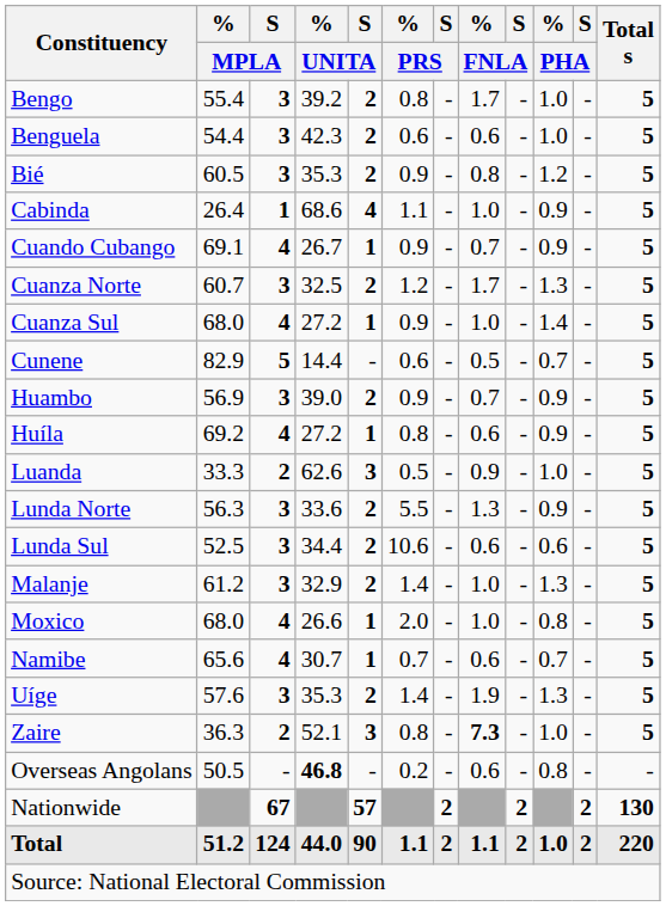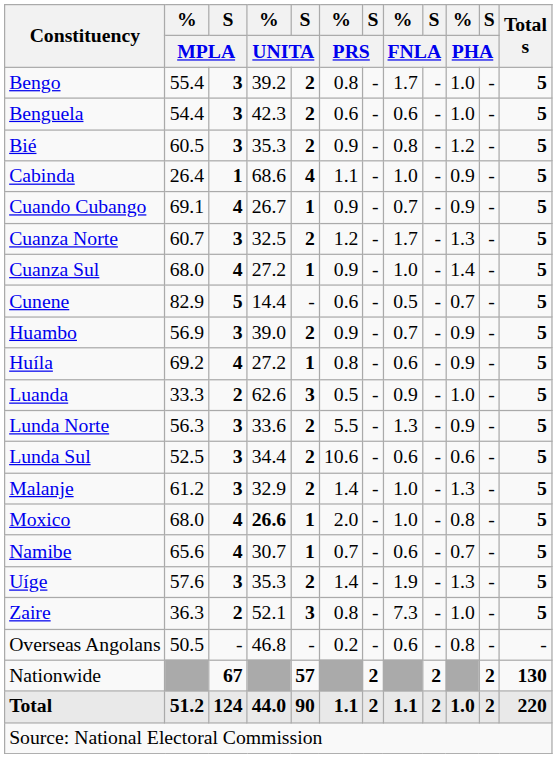 <table class=wikitable style=text-align:right>
 <tr>
 <th rowspan=2>Constituency</th>
 <th>%</th>
 <th>S</th>
 <th>%</th>
 <th>S</th>
 <th>%</th>
 <th>S</th>
 <th>%</th>
 <th>S</th>
 <th>%</th>
 <th>S</th>
 <th rowspan=2>Total<br>s</th>
 </tr>
 <tr>
 <th colspan=2><a href='#'>MPLA</a></th>
 <th colspan=2><a href='#'>UNITA</a></th>
 <th colspan=2><a href='#'>PRS</a></th>
 <th colspan=2><a href='#'>FNLA</a></th>
 <th colspan=2><a href='#'>PHA</a></th>
 </tr>
 <tr>
 <td style="text-align:left;"><a href='#'>Bengo</a></td>
 <td style="background:">55.4</td>
 <td><strong>3</strong></td>
 <td>39.2</td>
 <td><strong>2</strong></td>
 <td>0.8</td>
 <td>-</td>
 <td>1.7</td>
 <td>-</td>
 <td>1.0</td>
 <td>-</td>
 <td><strong>5</strong></td>
 </tr>
 <tr>
 <td style="text-align:left;"><a href='#'>Benguela</a></td>
 <td style="background:">54.4</td>
 <td><strong>3</strong></td>
 <td>42.3</td>
 <td><strong>2</strong></td>
 <td>0.6</td>
 <td>-</td>
 <td>0.6</td>
 <td>-</td>
 <td>1.0</td>
 <td>-</td>
 <td><strong>5</strong></td>
 </tr>
 <tr>
 <td style="text-align:left;"><a href='#'>Bié</a></td>
 <td style="background:">60.5</td>
 <td><strong>3</strong></td>
 <td>35.3</td>
 <td><strong>2</strong></td>
 <td>0.9</td>
 <td>-</td>
 <td>0.8</td>
 <td>-</td>
 <td>1.2</td>
 <td>-</td>
 <td><strong>5</strong></td>
 </tr>
 <tr>
 <td style="text-align:left;"><a href='#'>Cabinda</a></td>
 <td>26.4</td>
 <td><strong>1</strong></td>
 <td style="background:">68.6</td>
 <td><strong>4</strong></td>
 <td>1.1</td>
 <td>-</td>
 <td>1.0</td>
 <td>-</td>
 <td>0.9</td>
 <td>-</td>
 <td><strong>5</strong></td>
 </tr>
 <tr>
 <td style="text-align:left;"><a href='#'>Cuando Cubango</a></td>
 <td style="background:">69.1</td>
 <td><strong>4</strong></td>
 <td>26.7</td>
 <td><strong>1</strong></td>
 <td>0.9</td>
 <td>-</td>
 <td>0.7</td>
 <td>-</td>
 <td>0.9</td>
 <td>-</td>
 <td><strong>5</strong></td>
 </tr>
 <tr>
 <td style="text-align:left;"><a href='#'>Cuanza Norte</a></td>
 <td style="background:">60.7</td>
 <td><strong>3</strong></td>
 <td>32.5</td>
 <td><strong>2</strong></td>
 <td>1.2</td>
 <td>-</td>
 <td>1.7</td>
 <td>-</td>
 <td>1.3</td>
 <td>-</td>
 <td><strong>5</strong></td>
 </tr>
 <tr>
 <td style="text-align:left;"><a href='#'>Cuanza Sul</a></td>
 <td style="background:">68.0</td>
 <td><strong>4</strong></td>
 <td>27.2</td>
 <td><strong>1</strong></td>
 <td>0.9</td>
 <td>-</td>
 <td>1.0</td>
 <td>-</td>
 <td>1.4</td>
 <td>-</td>
 <td><strong>5</strong></td>
 </tr>
 <tr>
 <td style="text-align:left;"><a href='#'>Cunene</a></td>
 <td style="background:">82.9</td>
 <td><strong>5</strong></td>
 <td>14.4</td>
 <td>-</td>
 <td>0.6</td>
 <td>-</td>
 <td>0.5</td>
 <td>-</td>
 <td>0.7</td>
 <td>-</td>
 <td><strong>5</strong></td>
 </tr>
 <tr>
 <td style="text-align:left;"><a href='#'>Huambo</a></td>
 <td style="background:">56.9</td>
 <td><strong>3</strong></td>
 <td>39.0</td>
 <td><strong>2</strong></td>
 <td>0.9</td>
 <td>-</td>
 <td>0.7</td>
 <td>-</td>
 <td>0.9</td>
 <td>-</td>
 <td><strong>5</strong></td>
 </tr>
 <tr>
 <td style="text-align:left;"><a href='#'>Huíla</a></td>
 <td style="background:">69.2</td>
 <td><strong>4</strong></td>
 <td>27.2</td>
 <td><strong>1</strong></td>
 <td>0.8</td>
 <td>-</td>
 <td>0.6</td>
 <td>-</td>
 <td>0.9</td>
 <td>-</td>
 <td><strong>5</strong></td>
 </tr>
 <tr>
 <td style="text-align:left;"><a href='#'>Luanda</a></td>
 <td>33.3</td>
 <td><strong>2</strong></td>
 <td style="background:">62.6</td>
 <td><strong>3</strong></td>
 <td>0.5</td>
 <td>-</td>
 <td>0.9</td>
 <td>-</td>
 <td>1.0</td>
 <td>-</td>
 <td><strong>5</strong></td>
 </tr>
 <tr>
 <td style="text-align:left;"><a href='#'>Lunda Norte</a></td>
 <td style="background:">56.3</td>
 <td><strong>3</strong></td>
 <td>33.6</td>
 <td><strong>2</strong></td>
 <td>5.5</td>
 <td>-</td>
 <td>1.3</td>
 <td>-</td>
 <td>0.9</td>
 <td>-</td>
 <td><strong>5</strong></td>
 </tr>
 <tr>
 <td style="text-align:left;"><a href='#'>Lunda Sul</a></td>
 <td style="background:">52.5</td>
 <td><strong>3</strong></td>
 <td>34.4</td>
 <td><strong>2</strong></td>
 <td>10.6</td>
 <td>-</td>
 <td>0.6</td>
 <td>-</td>
 <td>0.6</td>
 <td>-</td>
 <td><strong>5</strong></td>
 </tr>
 <tr>
 <td style="text-align:left;"><a href='#'>Malanje</a></td>
 <td style="background:">61.2</td>
 <td><strong>3</strong></td>
 <td>32.9</td>
 <td><strong>2</strong></td>
 <td>1.4</td>
 <td>-</td>
 <td>1.0</td>
 <td>-</td>
 <td>1.3</td>
 <td>-</td>
 <td><strong>5</strong></td>
 </tr>
 <tr>
 <td style="text-align:left;"><a href='#'>Moxico</a></td>
 <td style="background:">68.0</td>
 <td><strong>4</strong></td>
-<td>26.6</td>
+<td><strong>26.6</strong></td>
 <td><strong>1</strong></td>
 <td>2.0</td>
 <td>-</td>
 <td>1.0</td>
 <td>-</td>
 <td>0.8</td>
 <td>-</td>
 <td><strong>5</strong></td>
 </tr>
 <tr>
 <td style="text-align:left;"><a href='#'>Namibe</a></td>
 <td style="background:">65.6</td>
 <td><strong>4</strong></td>
 <td>30.7</td>
 <td><strong>1</strong></td>
 <td>0.7</td>
 <td>-</td>
 <td>0.6</td>
 <td>-</td>
 <td>0.7</td>
 <td>-</td>
 <td><strong>5</strong></td>
 </tr>
 <tr>
 <td style="text-align:left;"><a href='#'>Uíge</a></td>
 <td style="background:">57.6</td>
 <td><strong>3</strong></td>
 <td>35.3</td>
 <td><strong>2</strong></td>
 <td>1.4</td>
 <td>-</td>
 <td>1.9</td>
 <td>-</td>
 <td>1.3</td>
 <td>-</td>
 <td><strong>5</strong></td>
 </tr>
 <tr>
 <td style="text-align:left;"><a href='#'>Zaire</a></td>
 <td>36.3</td>
 <td><strong>2</strong></td>
 <td style="background:">52.1</td>
 <td><strong>3</strong></td>
 <td>0.8</td>
 <td>-</td>
-<td><strong>7.3</strong></td>
+<td>7.3</td>
 <td>-</td>
 <td>1.0</td>
 <td>-</td>
 <td><strong>5</strong></td>
 </tr>
 <tr>
 <td style="text-align:left;">Overseas Angolans</td>
 <td style="background:">50.5</td>
 <td>-</td>
-<td><strong>46.8</strong></td>
+<td>46.8</td>
 <td>-</td>
 <td>0.2</td>
 <td>-</td>
 <td>0.6</td>
 <td>-</td>
 <td>0.8</td>
 <td>-</td>
 <td>-</td>
 </tr>
 <tr>
 <td style="text-align:left;">Nationwide</td>
 <td style="color:inherit;background:#AAAAAA"></td>
 <td><strong>67</strong></td>
 <td style="color:inherit;background:#AAAAAA"></td>
 <td><strong>57</strong></td>
 <td style="color:inherit;background:#AAAAAA"></td>
 <td><strong>2</strong></td>
 <td style="color:inherit;background:#AAAAAA"></td>
 <td><strong>2</strong></td>
 <td style="color:inherit;background:#AAAAAA"></td>
 <td><strong>2</strong></td>
 <td><strong>130</strong></td>
 </tr>
 <tr class="unsortable" style="background:#E9E9E9">
 <td style="text-align:left;"><strong>Total</strong></td>
 <td style="background:"><strong>51.2</strong></td>
 <td><strong>124</strong></td>
 <td><strong>44.0</strong></td>
 <td><strong>90</strong></td>
 <td><strong>1.1</strong></td>
 <td><strong>2</strong></td>
 <td><strong>1.1</strong></td>
 <td><strong>2</strong></td>
 <td><strong>1.0</strong></td>
 <td><strong>2</strong></td>
 <td><strong>220</strong></td>
 </tr>
 <tr>
 <td colspan=12 style="text-align:left;">Source: National Electoral Commission</td>
 </tr>
 </table>
